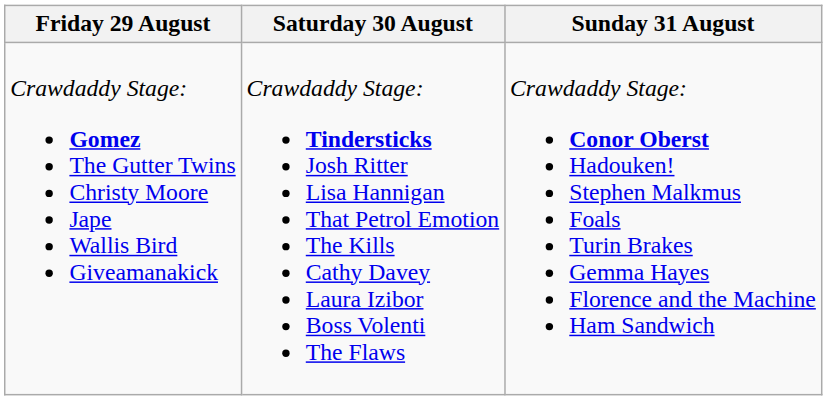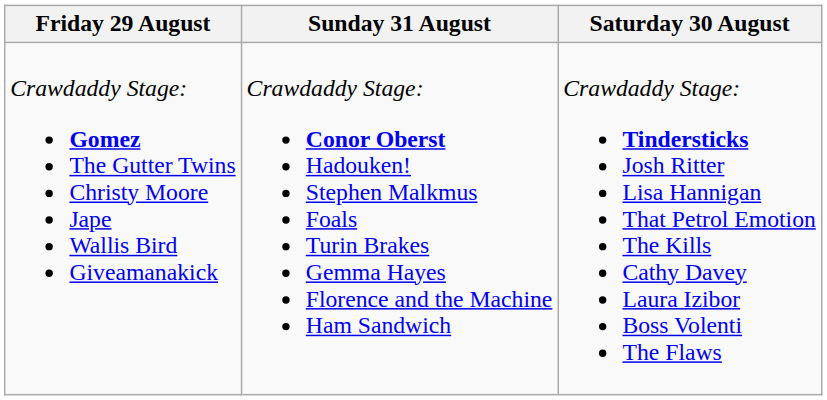 <table class="wikitable" style="float:left; margin-right:1em">
 <tr>
 <th>Friday 29 August</th>
+<th>Sunday 31 August</th>
 <th>Saturday 30 August</th>
-<th>Sunday 31 August</th>
 </tr>
 <tr valign="top">
 <td><br><em>Crawdaddy Stage:</em><ul><li><strong><a href='#'>Gomez</a></strong></li><li><a href='#'>The Gutter Twins</a></li><li><a href='#'>Christy Moore</a></li><li><a href='#'>Jape</a></li><li><a href='#'>Wallis Bird</a></li><li><a href='#'>Giveamanakick</a></li></ul></td>
+<td><br><em>Crawdaddy Stage:</em><ul><li><strong><a href='#'>Conor Oberst</a></strong></li><li><a href='#'>Hadouken!</a></li><li><a href='#'>Stephen Malkmus</a></li><li><a href='#'>Foals</a></li><li><a href='#'>Turin Brakes</a></li><li><a href='#'>Gemma Hayes</a></li><li><a href='#'>Florence and the Machine</a></li><li><a href='#'>Ham Sandwich</a></li></ul></td>
 <td><br><em>Crawdaddy Stage:</em><ul><li><strong><a href='#'>Tindersticks</a></strong></li><li><a href='#'>Josh Ritter</a></li><li><a href='#'>Lisa Hannigan</a></li><li><a href='#'>That Petrol Emotion</a></li><li><a href='#'>The Kills</a></li><li><a href='#'>Cathy Davey</a></li><li><a href='#'>Laura Izibor</a></li><li><a href='#'>Boss Volenti</a></li><li><a href='#'>The Flaws</a></li></ul></td>
-<td><br><em>Crawdaddy Stage:</em><ul><li><strong><a href='#'>Conor Oberst</a></strong></li><li><a href='#'>Hadouken!</a></li><li><a href='#'>Stephen Malkmus</a></li><li><a href='#'>Foals</a></li><li><a href='#'>Turin Brakes</a></li><li><a href='#'>Gemma Hayes</a></li><li><a href='#'>Florence and the Machine</a></li><li><a href='#'>Ham Sandwich</a></li></ul></td>
 </tr>
 </table>
